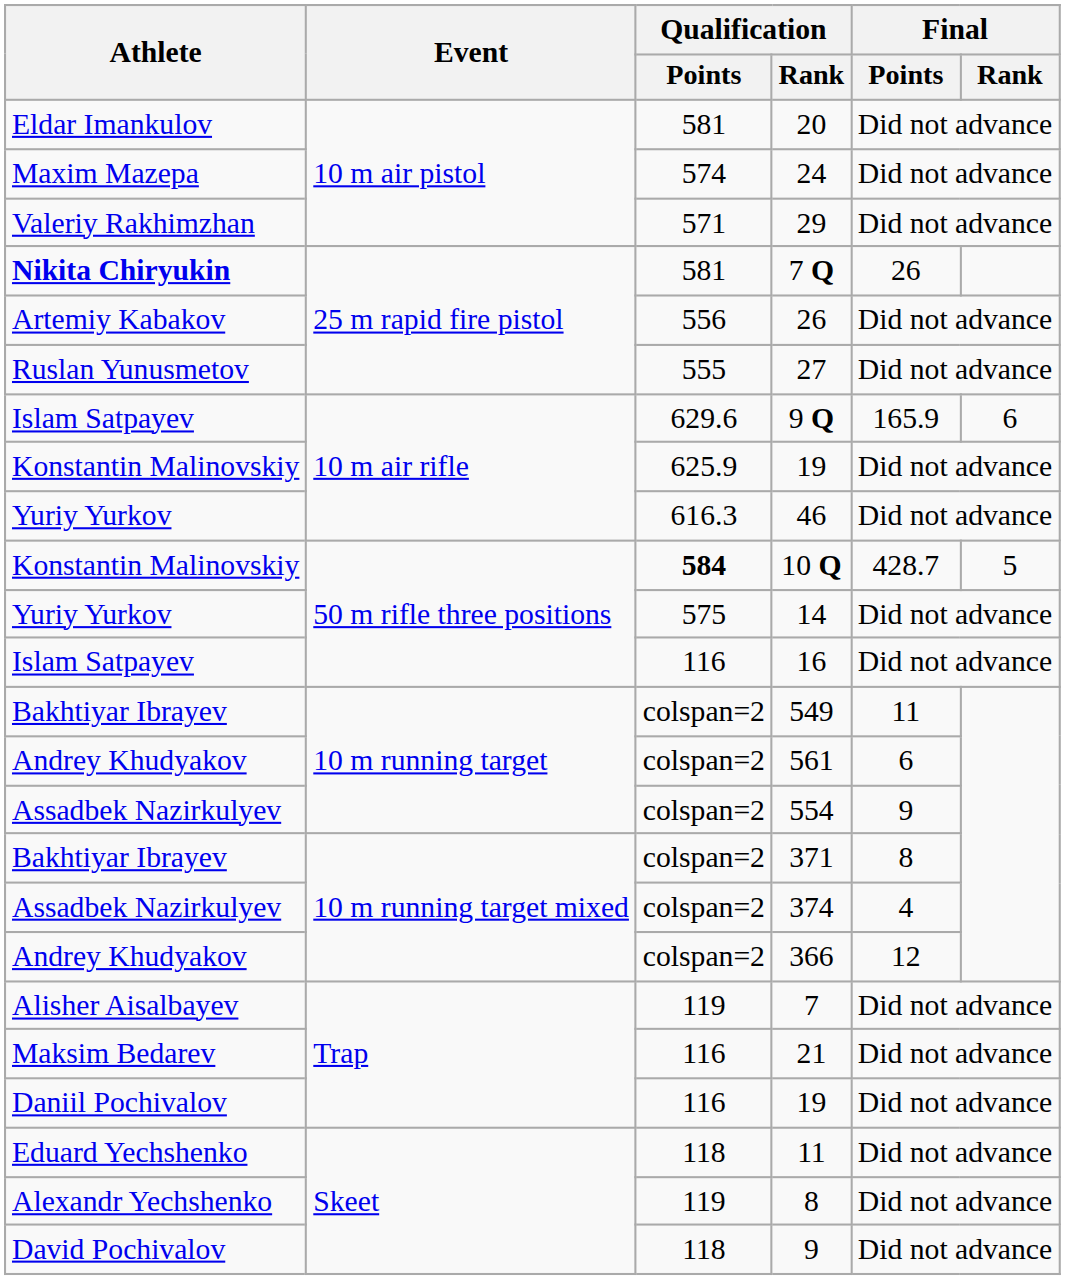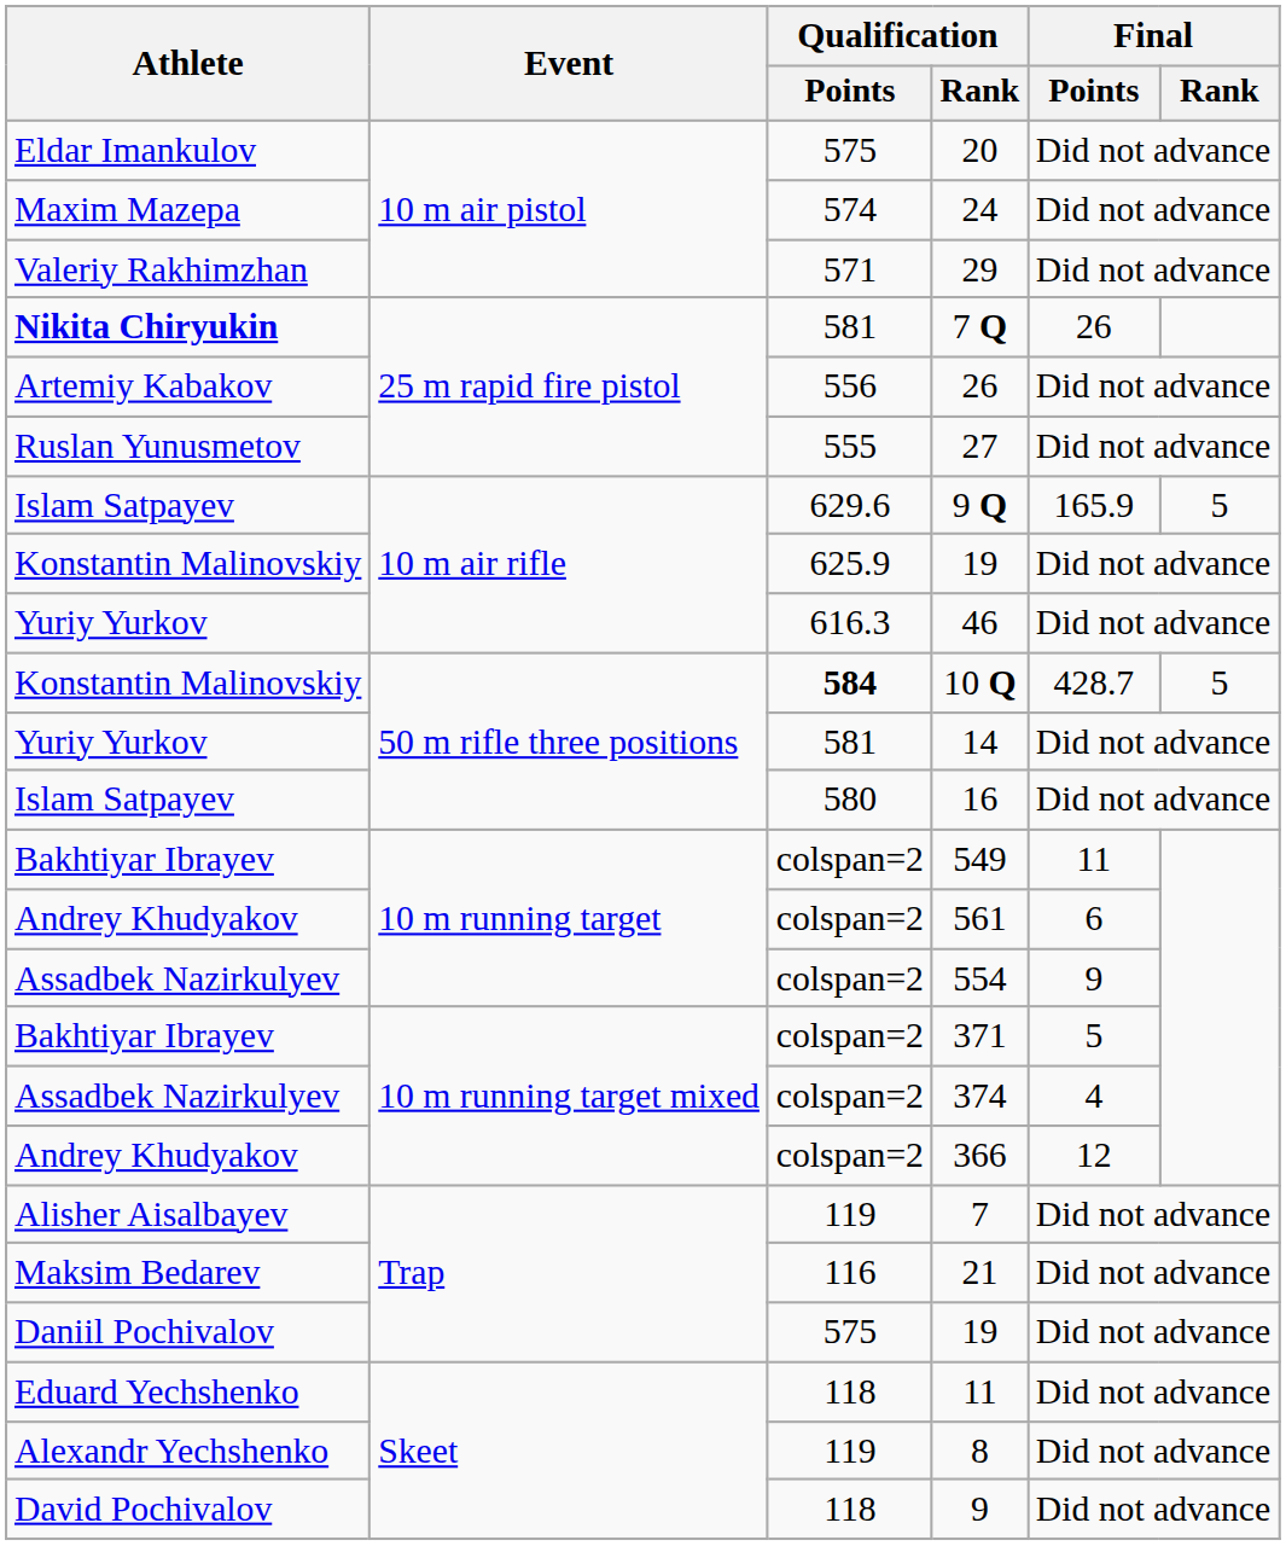 <table class=wikitable style=font-size:90%;text-align:center>
 <tr>
 <th rowspan="2">Athlete</th>
 <th rowspan="2">Event</th>
 <th colspan=2>Qualification</th>
 <th colspan=2>Final</th>
 </tr>
 <tr style="font-size:95%">
 <th>Points</th>
 <th>Rank</th>
 <th>Points</th>
 <th>Rank</th>
 </tr>
 <tr>
 <td align=left><a href='#'>Eldar Imankulov</a></td>
 <td align=left rowspan=3><a href='#'>10 m air pistol</a></td>
-<td>581</td>
+<td>575</td>
 <td>20</td>
 <td colspan=2>Did not advance</td>
 </tr>
 <tr>
 <td align=left><a href='#'>Maxim Mazepa</a></td>
 <td>574</td>
 <td>24</td>
 <td colspan=2>Did not advance</td>
 </tr>
 <tr>
 <td align=left><a href='#'>Valeriy Rakhimzhan</a></td>
 <td>571</td>
 <td>29</td>
 <td colspan=2>Did not advance</td>
 </tr>
 <tr>
 <td align=left><strong><a href='#'>Nikita Chiryukin</a></strong></td>
 <td align=left rowspan=3><a href='#'>25 m rapid fire pistol</a></td>
 <td>581</td>
 <td>7 <strong>Q</strong></td>
 <td>26</td>
 <td></td>
 </tr>
 <tr>
 <td align=left><a href='#'>Artemiy Kabakov</a></td>
 <td>556</td>
 <td>26</td>
 <td colspan=2>Did not advance</td>
 </tr>
 <tr>
 <td align=left><a href='#'>Ruslan Yunusmetov</a></td>
 <td>555</td>
 <td>27</td>
 <td colspan=2>Did not advance</td>
 </tr>
 <tr>
 <td align=left><a href='#'>Islam Satpayev</a></td>
 <td align=left rowspan=3><a href='#'>10 m air rifle</a></td>
 <td>629.6</td>
 <td>9 <strong>Q</strong></td>
 <td>165.9</td>
-<td>6</td>
+<td>5</td>
 </tr>
 <tr>
 <td align=left><a href='#'>Konstantin Malinovskiy</a></td>
 <td>625.9</td>
 <td>19</td>
 <td colspan=2>Did not advance</td>
 </tr>
 <tr>
 <td align=left><a href='#'>Yuriy Yurkov</a></td>
 <td>616.3</td>
 <td>46</td>
 <td colspan=2>Did not advance</td>
 </tr>
 <tr>
 <td align=left><a href='#'>Konstantin Malinovskiy</a></td>
 <td align=left rowspan=3><a href='#'>50 m rifle three positions</a></td>
 <td><strong>584</strong></td>
 <td>10 <strong>Q</strong></td>
 <td>428.7</td>
 <td>5</td>
 </tr>
 <tr>
 <td align=left><a href='#'>Yuriy Yurkov</a></td>
-<td>575</td>
+<td>581</td>
 <td>14</td>
 <td colspan=2>Did not advance</td>
 </tr>
 <tr>
 <td align=left><a href='#'>Islam Satpayev</a></td>
-<td>116</td>
+<td>580</td>
 <td>16</td>
 <td colspan=2>Did not advance</td>
 </tr>
 <tr>
 <td align=left><a href='#'>Bakhtiyar Ibrayev</a></td>
 <td align=left rowspan=3><a href='#'>10 m running target</a></td>
 <td>colspan=2 </td>
 <td>549</td>
 <td>11</td>
 </tr>
 <tr>
 <td align=left><a href='#'>Andrey Khudyakov</a></td>
 <td>colspan=2 </td>
 <td>561</td>
 <td>6</td>
 </tr>
 <tr>
 <td align=left><a href='#'>Assadbek Nazirkulyev</a></td>
 <td>colspan=2 </td>
 <td>554</td>
 <td>9</td>
 </tr>
 <tr>
 <td align=left><a href='#'>Bakhtiyar Ibrayev</a></td>
 <td align=left rowspan=3><a href='#'>10 m running target mixed</a></td>
 <td>colspan=2 </td>
 <td>371</td>
-<td>8</td>
+<td>5</td>
 </tr>
 <tr>
 <td align=left><a href='#'>Assadbek Nazirkulyev</a></td>
 <td>colspan=2 </td>
 <td>374</td>
 <td>4</td>
 </tr>
 <tr>
 <td align=left><a href='#'>Andrey Khudyakov</a></td>
 <td>colspan=2 </td>
 <td>366</td>
 <td>12</td>
 </tr>
 <tr>
 <td align=left><a href='#'>Alisher Aisalbayev</a></td>
 <td align=left rowspan=3><a href='#'>Trap</a></td>
 <td>119</td>
 <td>7</td>
 <td colspan=2>Did not advance</td>
 </tr>
 <tr>
 <td align=left><a href='#'>Maksim Bedarev</a></td>
 <td>116</td>
 <td>21</td>
 <td colspan=2>Did not advance</td>
 </tr>
 <tr>
 <td align=left><a href='#'>Daniil Pochivalov</a></td>
-<td>116</td>
+<td>575</td>
 <td>19</td>
 <td colspan=2>Did not advance</td>
 </tr>
 <tr>
 <td align=left><a href='#'>Eduard Yechshenko</a></td>
 <td align=left rowspan=3><a href='#'>Skeet</a></td>
 <td>118</td>
 <td>11</td>
 <td colspan=2>Did not advance</td>
 </tr>
 <tr>
 <td align=left><a href='#'>Alexandr Yechshenko</a></td>
 <td>119</td>
 <td>8</td>
 <td colspan=2>Did not advance</td>
 </tr>
 <tr>
 <td align=left><a href='#'>David Pochivalov</a></td>
 <td>118</td>
 <td>9</td>
 <td colspan=2>Did not advance</td>
 </tr>
 </table>
